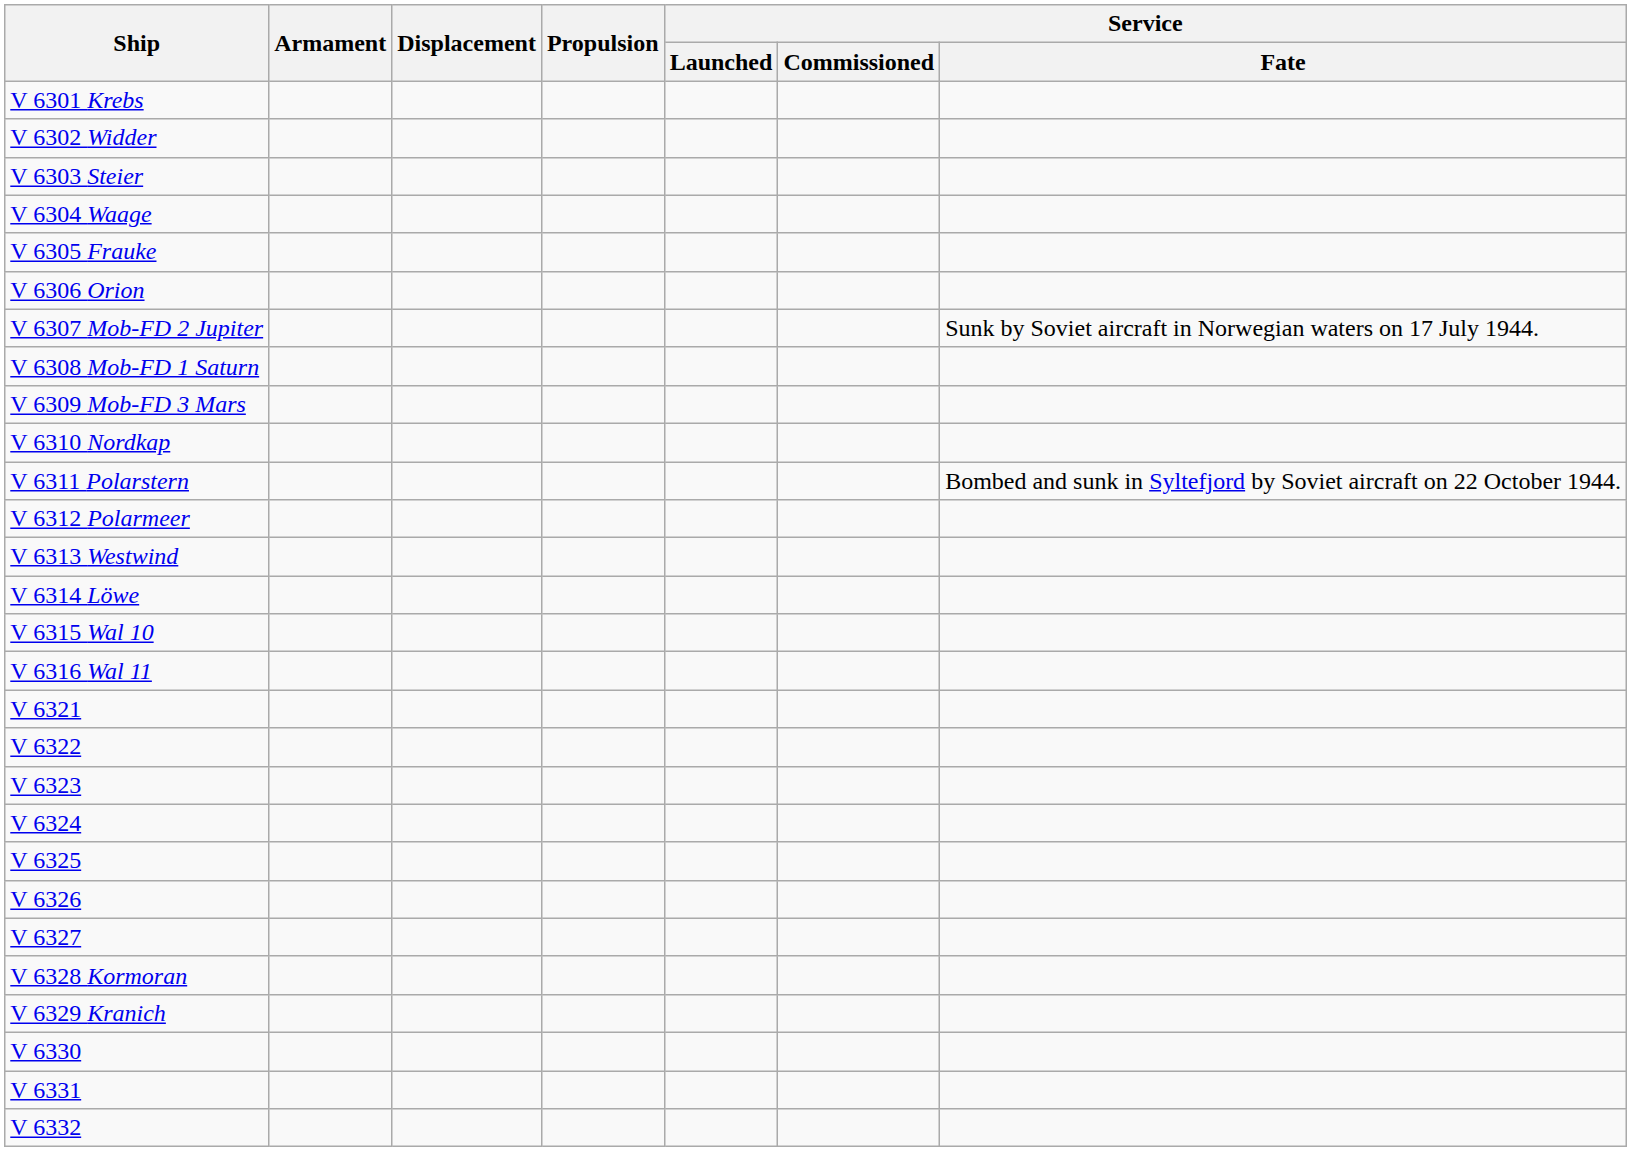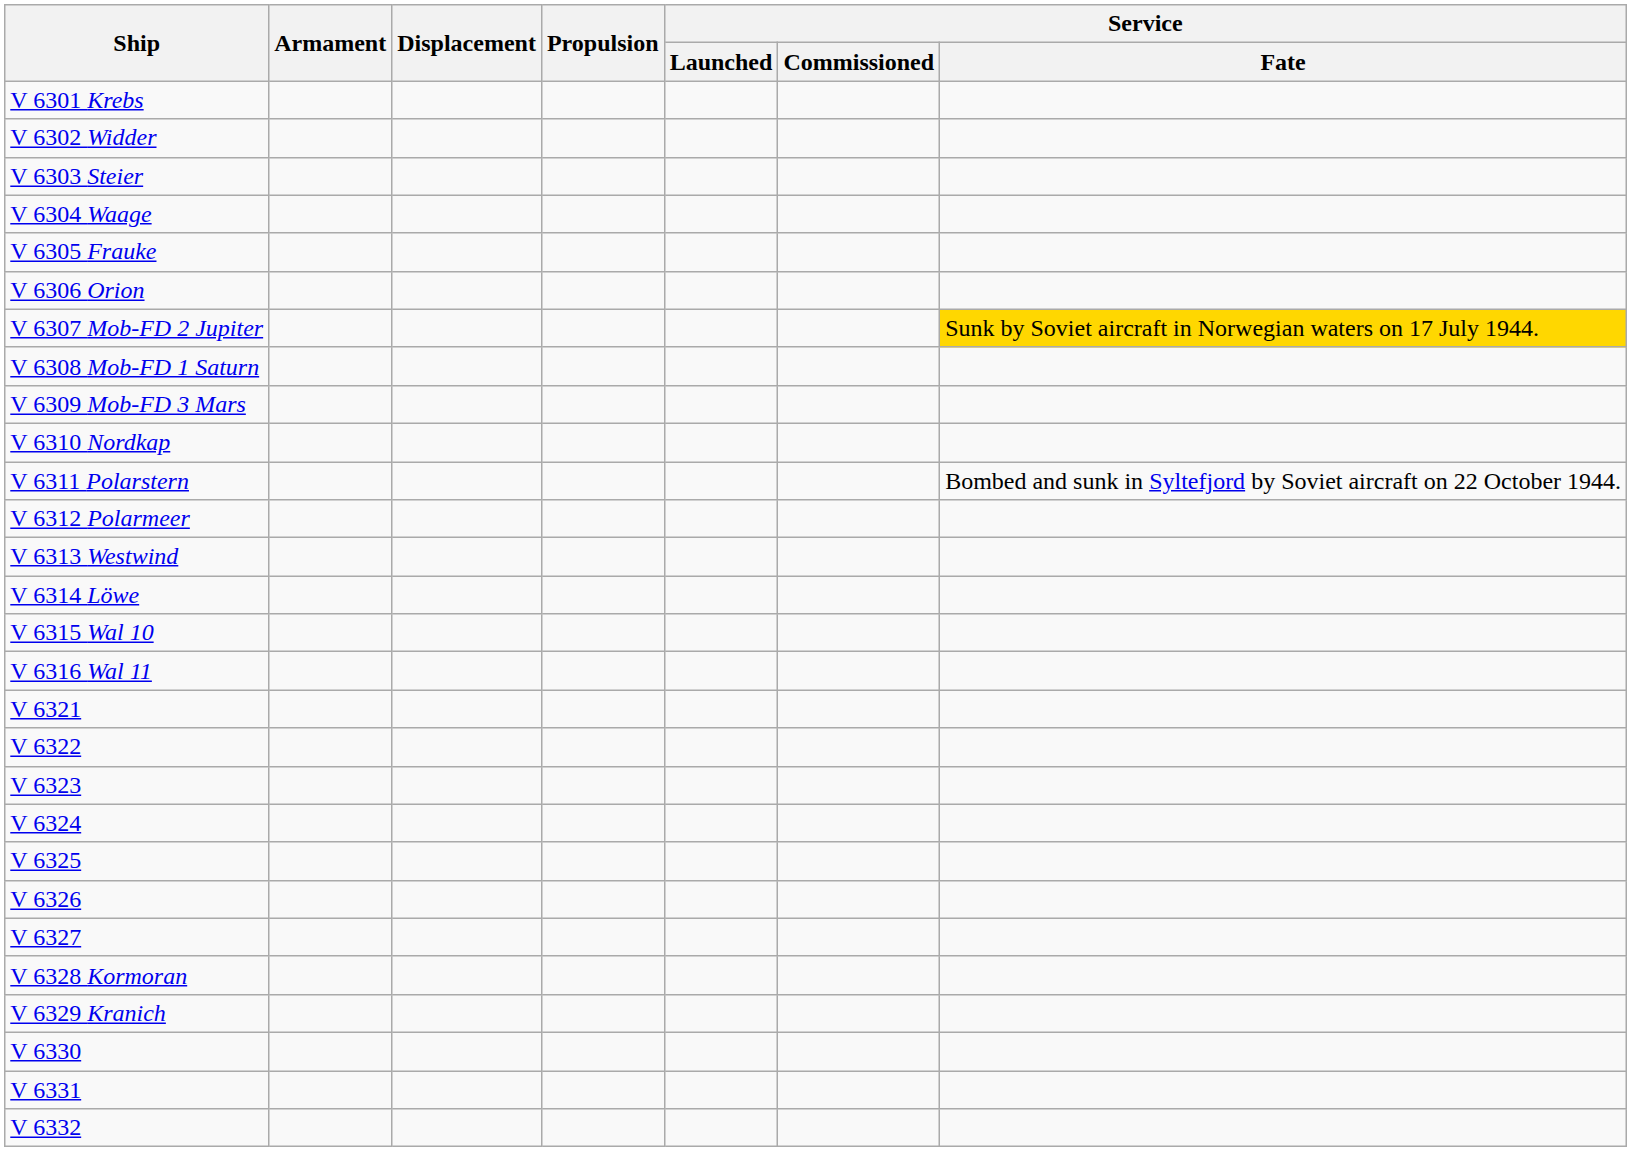 <table class="wikitable">
 <tr>
 <th rowspan="2">Ship</th>
 <th rowspan="2">Armament</th>
 <th rowspan="2">Displacement</th>
 <th rowspan="2">Propulsion</th>
 <th colspan="3">Service</th>
 </tr>
 <tr>
 <th>Launched</th>
 <th>Commissioned</th>
 <th>Fate</th>
 </tr>
 <tr>
 <td><a href='#'>V 6301 <em>Krebs</em></a></td>
 <td></td>
 <td></td>
 <td></td>
 <td></td>
 <td></td>
 <td></td>
 </tr>
 <tr>
 <td><a href='#'>V 6302 <em>Widder</em></a></td>
 <td></td>
 <td></td>
 <td></td>
 <td></td>
 <td></td>
 <td></td>
 </tr>
 <tr>
 <td><a href='#'>V 6303 <em>Steier</em></a></td>
 <td></td>
 <td></td>
 <td></td>
 <td></td>
 <td></td>
 <td></td>
 </tr>
 <tr>
 <td><a href='#'>V 6304 <em>Waage</em></a></td>
 <td></td>
 <td></td>
 <td></td>
 <td></td>
 <td></td>
 <td></td>
 </tr>
 <tr>
 <td><a href='#'>V 6305 <em>Frauke</em></a></td>
 <td></td>
 <td></td>
 <td></td>
 <td></td>
 <td></td>
 <td></td>
 </tr>
 <tr>
 <td><a href='#'>V 6306 <em>Orion</em></a></td>
 <td></td>
 <td></td>
 <td></td>
 <td></td>
 <td></td>
 <td></td>
 </tr>
 <tr>
 <td><a href='#'>V 6307 <em>Mob-FD 2 Jupiter</em></a></td>
 <td></td>
 <td></td>
 <td></td>
 <td></td>
 <td></td>
-<td>Sunk by Soviet aircraft in Norwegian waters on 17 July 1944.</td>
+<td style="background: gold;">Sunk by Soviet aircraft in Norwegian waters on 17 July 1944.</td>
 </tr>
 <tr>
 <td><a href='#'>V 6308 <em>Mob-FD 1 Saturn</em></a></td>
 <td></td>
 <td></td>
 <td></td>
 <td></td>
 <td></td>
 <td></td>
 </tr>
 <tr>
 <td><a href='#'>V 6309 <em>Mob-FD 3 Mars</em></a></td>
 <td></td>
 <td></td>
 <td></td>
 <td></td>
 <td></td>
 <td></td>
 </tr>
 <tr>
 <td><a href='#'>V 6310 <em>Nordkap</em></a></td>
 <td></td>
 <td></td>
 <td></td>
 <td></td>
 <td></td>
 <td></td>
 </tr>
 <tr>
 <td><a href='#'>V 6311 <em>Polarstern</em></a></td>
 <td></td>
 <td></td>
 <td></td>
 <td></td>
 <td></td>
 <td>Bombed and sunk in <a href='#'>Syltefjord</a> by Soviet aircraft on 22 October 1944.</td>
 </tr>
 <tr>
 <td><a href='#'>V 6312 <em>Polarmeer</em></a></td>
 <td></td>
 <td></td>
 <td></td>
 <td></td>
 <td></td>
 <td></td>
 </tr>
 <tr>
 <td><a href='#'>V 6313 <em>Westwind</em></a></td>
 <td></td>
 <td></td>
 <td></td>
 <td></td>
 <td></td>
 <td></td>
 </tr>
 <tr>
 <td><a href='#'>V 6314 <em>Löwe</em></a></td>
 <td></td>
 <td></td>
 <td></td>
 <td></td>
 <td></td>
 <td></td>
 </tr>
 <tr>
 <td><a href='#'>V 6315 <em>Wal 10</em></a></td>
 <td></td>
 <td></td>
 <td></td>
 <td></td>
 <td></td>
 <td></td>
 </tr>
 <tr>
 <td><a href='#'>V 6316 <em>Wal 11</em></a></td>
 <td></td>
 <td></td>
 <td></td>
 <td></td>
 <td></td>
 <td></td>
 </tr>
 <tr>
 <td><a href='#'>V 6321</a></td>
 <td></td>
 <td></td>
 <td></td>
 <td></td>
 <td></td>
 <td></td>
 </tr>
 <tr>
 <td><a href='#'>V 6322</a></td>
 <td></td>
 <td></td>
 <td></td>
 <td></td>
 <td></td>
 <td></td>
 </tr>
 <tr>
 <td><a href='#'>V 6323</a></td>
 <td></td>
 <td></td>
 <td></td>
 <td></td>
 <td></td>
 <td></td>
 </tr>
 <tr>
 <td><a href='#'>V 6324</a></td>
 <td></td>
 <td></td>
 <td></td>
 <td></td>
 <td></td>
 <td></td>
 </tr>
 <tr>
 <td><a href='#'>V 6325</a></td>
 <td></td>
 <td></td>
 <td></td>
 <td></td>
 <td></td>
 <td></td>
 </tr>
 <tr>
 <td><a href='#'>V 6326</a></td>
 <td></td>
 <td></td>
 <td></td>
 <td></td>
 <td></td>
 <td></td>
 </tr>
 <tr>
 <td><a href='#'>V 6327</a></td>
 <td></td>
 <td></td>
 <td></td>
 <td></td>
 <td></td>
 <td></td>
 </tr>
 <tr>
 <td><a href='#'>V 6328 <em>Kormoran</em></a></td>
 <td></td>
 <td></td>
 <td></td>
 <td></td>
 <td></td>
 <td></td>
 </tr>
 <tr>
 <td><a href='#'>V 6329 <em>Kranich</em></a></td>
 <td></td>
 <td></td>
 <td></td>
 <td></td>
 <td></td>
 <td></td>
 </tr>
 <tr>
 <td><a href='#'>V 6330</a></td>
 <td></td>
 <td></td>
 <td></td>
 <td></td>
 <td></td>
 <td></td>
 </tr>
 <tr>
 <td><a href='#'>V 6331</a></td>
 <td></td>
 <td></td>
 <td></td>
 <td></td>
 <td></td>
 <td></td>
 </tr>
 <tr>
 <td><a href='#'>V 6332</a></td>
 <td></td>
 <td></td>
 <td></td>
 <td></td>
 <td></td>
 <td></td>
 </tr>
 </table>
